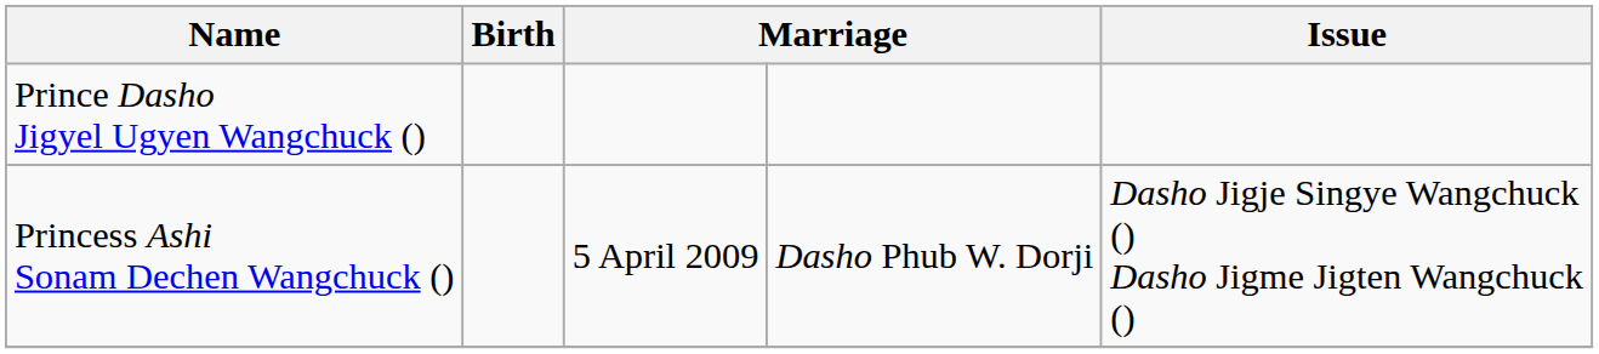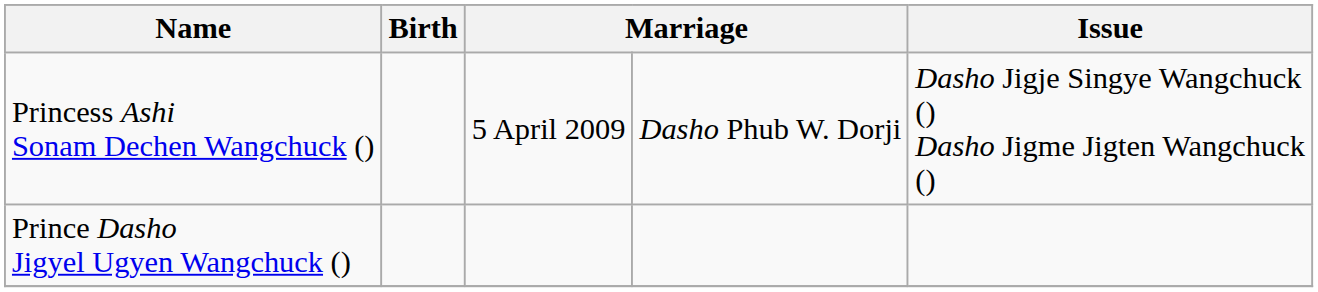 <table class="wikitable">
 <tr>
 <th>Name</th>
 <th>Birth</th>
 <th colspan="2">Marriage</th>
 <th>Issue</th>
+</tr>
+<tr>
+<td>Princess <em>Ashi</em><br><a href='#'>Sonam Dechen Wangchuck</a> ()</td>
+<td></td>
+<td>5 April 2009</td>
+<td><em>Dasho</em> Phub W. Dorji</td>
+<td><em>Dasho</em> Jigje Singye Wangchuck<br> ()<br><em>Dasho</em> Jigme Jigten Wangchuck<br> ()</td>
 </tr>
 <tr>
 <td>Prince <em>Dasho</em><br><a href='#'>Jigyel Ugyen Wangchuck</a> ()</td>
 <td></td>
 <td></td>
 <td></td>
 <td></td>
 </tr>
 <tr>
-<td>Princess <em>Ashi</em><br><a href='#'>Sonam Dechen Wangchuck</a> ()</td>
-<td></td>
-<td>5 April 2009</td>
-<td><em>Dasho</em> Phub W. Dorji</td>
-<td><em>Dasho</em> Jigje Singye Wangchuck<br> ()<br><em>Dasho</em> Jigme Jigten Wangchuck<br> ()</td>
-</tr>
-<tr>
 </tr>
 </table>
